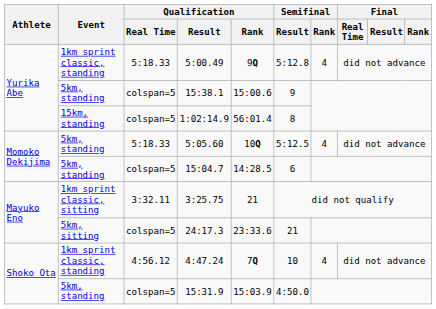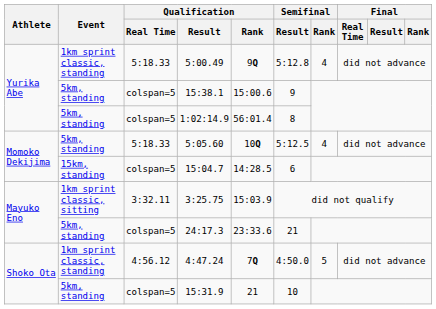 <table class="wikitable" style="font-size:100%">
 <tr>
 <th rowspan="2">Athlete</th>
 <th rowspan="2">Event</th>
 <th colspan="3">Qualification</th>
 <th colspan="2">Semifinal</th>
 <th colspan="3">Final</th>
 </tr>
 <tr>
 <th>Real Time</th>
 <th>Result</th>
 <th>Rank</th>
 <th>Result</th>
 <th>Rank</th>
 <th>Real Time</th>
 <th>Result</th>
 <th>Rank</th>
 </tr>
 <tr>
 <td rowspan=3><a href='#'>Yurika Abe</a></td>
 <td><a href='#'>1km sprint classic, standing</a></td>
 <td align="center">5:18.33</td>
 <td align="center">5:00.49</td>
 <td align="center">9<strong>Q</strong></td>
 <td align="center">5:12.8</td>
 <td align="center">4</td>
 <td colspan=3 align="center">did not advance</td>
 </tr>
 <tr>
 <td><a href='#'>5km, standing</a></td>
 <td>colspan=5 </td>
 <td align="center">15:38.1</td>
 <td align="center">15:00.6</td>
 <td align="center">9</td>
 </tr>
 <tr>
-<td><a href='#'>15km, standing</a></td>
+<td><a href='#'>5km, standing</a></td>
 <td>colspan=5 </td>
 <td align="center">1:02:14.9</td>
 <td align="center">56:01.4</td>
 <td align="center">8</td>
 </tr>
 <tr>
 <td rowspan=2><a href='#'>Momoko Dekijima</a></td>
 <td><a href='#'>5km, standing</a></td>
 <td align="center">5:18.33</td>
 <td align="center">5:05.60</td>
 <td align="center">10<strong>Q</strong></td>
 <td align="center">5:12.5</td>
 <td align="center">4</td>
 <td colspan=3 align="center">did not advance</td>
 </tr>
 <tr>
-<td><a href='#'>5km, standing</a></td>
+<td><a href='#'>15km, standing</a></td>
 <td>colspan=5 </td>
 <td align="center">15:04.7</td>
 <td align="center">14:28.5</td>
 <td align="center">6</td>
 </tr>
 <tr>
 <td rowspan=2><a href='#'>Mayuko Eno</a></td>
 <td><a href='#'>1km sprint classic, sitting</a></td>
 <td align="center">3:32.11</td>
 <td align="center">3:25.75</td>
-<td align="center">21</td>
+<td align="center">15:03.9</td>
 <td colspan=5 align="center">did not qualify</td>
 </tr>
 <tr>
-<td><a href='#'>5km, sitting</a></td>
+<td><a href='#'>5km, standing</a></td>
 <td>colspan=5 </td>
 <td align="center">24:17.3</td>
 <td align="center">23:33.6</td>
 <td align="center">21</td>
 </tr>
 <tr>
 <td rowspan=2><a href='#'>Shoko Ota</a></td>
 <td><a href='#'>1km sprint classic, standing</a></td>
 <td align="center">4:56.12</td>
 <td align="center">4:47.24</td>
 <td align="center">7<strong>Q</strong></td>
-<td align="center">10</td>
-<td align="center">4</td>
+<td align="center">4:50.0</td>
+<td align="center">5</td>
 <td colspan=3 align="center">did not advance</td>
 </tr>
 <tr>
 <td><a href='#'>5km, standing</a></td>
 <td>colspan=5 </td>
 <td align="center">15:31.9</td>
-<td align="center">15:03.9</td>
-<td align="center">4:50.0</td>
+<td align="center">21</td>
+<td align="center">10</td>
 </tr>
 </table>
